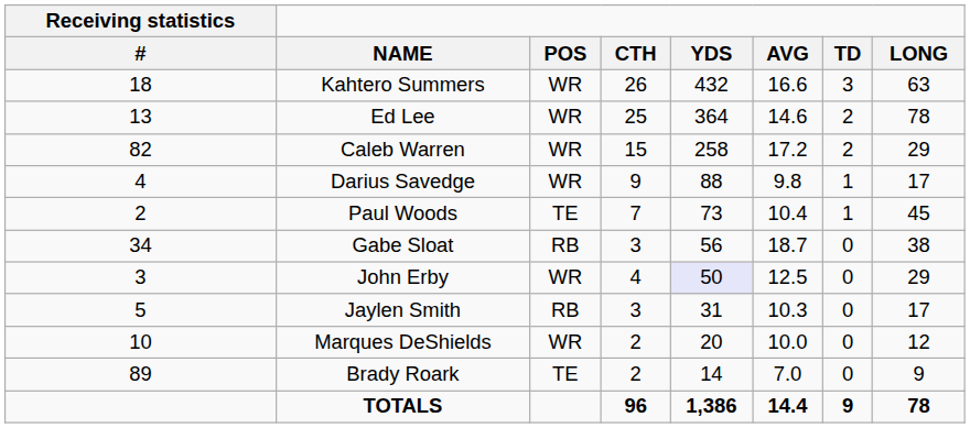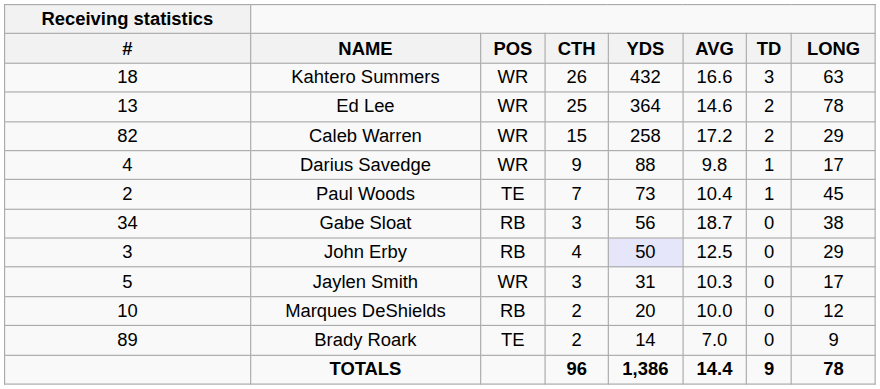 <table style="width:60%; text-align:center;" class="wikitable collapsible collapsed">
 <tr>
 <th style="text-align:center; ">Receiving statistics</th>
 </tr>
 <tr>
 <th>#</th>
 <th>NAME</th>
 <th>POS</th>
 <th>CTH</th>
 <th>YDS</th>
 <th>AVG</th>
 <th>TD</th>
 <th>LONG</th>
 </tr>
 <tr>
 <td>18</td>
 <td>Kahtero Summers</td>
 <td>WR</td>
 <td>26</td>
 <td>432</td>
 <td>16.6</td>
 <td>3</td>
 <td>63</td>
 </tr>
 <tr>
 <td>13</td>
 <td>Ed Lee</td>
 <td>WR</td>
 <td>25</td>
 <td>364</td>
 <td>14.6</td>
 <td>2</td>
 <td>78</td>
 </tr>
 <tr>
 <td>82</td>
 <td>Caleb Warren</td>
 <td>WR</td>
 <td>15</td>
 <td>258</td>
 <td>17.2</td>
 <td>2</td>
 <td>29</td>
 </tr>
 <tr>
 <td>4</td>
 <td>Darius Savedge</td>
 <td>WR</td>
 <td>9</td>
 <td>88</td>
 <td>9.8</td>
 <td>1</td>
 <td>17</td>
 </tr>
 <tr>
 <td>2</td>
 <td>Paul Woods</td>
 <td>TE</td>
 <td>7</td>
 <td>73</td>
 <td>10.4</td>
 <td>1</td>
 <td>45</td>
 </tr>
 <tr>
 <td>34</td>
 <td>Gabe Sloat</td>
 <td>RB</td>
 <td>3</td>
 <td>56</td>
 <td>18.7</td>
 <td>0</td>
 <td>38</td>
 </tr>
 <tr>
 <td>3</td>
 <td>John Erby</td>
-<td>WR</td>
+<td>RB</td>
 <td>4</td>
 <td style="background: lavender;">50</td>
 <td>12.5</td>
 <td>0</td>
 <td>29</td>
 </tr>
 <tr>
 <td>5</td>
 <td>Jaylen Smith</td>
-<td>RB</td>
+<td>WR</td>
 <td>3</td>
 <td>31</td>
 <td>10.3</td>
 <td>0</td>
 <td>17</td>
 </tr>
 <tr>
 <td>10</td>
 <td>Marques DeShields</td>
-<td>WR</td>
+<td>RB</td>
 <td>2</td>
 <td>20</td>
 <td>10.0</td>
 <td>0</td>
 <td>12</td>
 </tr>
 <tr>
 <td>89</td>
 <td>Brady Roark</td>
 <td>TE</td>
 <td>2</td>
 <td>14</td>
 <td>7.0</td>
 <td>0</td>
 <td>9</td>
 </tr>
 <tr>
 <td></td>
 <td><strong>TOTALS</strong></td>
 <td></td>
 <td><strong>96</strong></td>
 <td><strong>1,386</strong></td>
 <td><strong>14.4</strong></td>
 <td><strong>9</strong></td>
 <td><strong>78</strong></td>
 </tr>
 </table>
